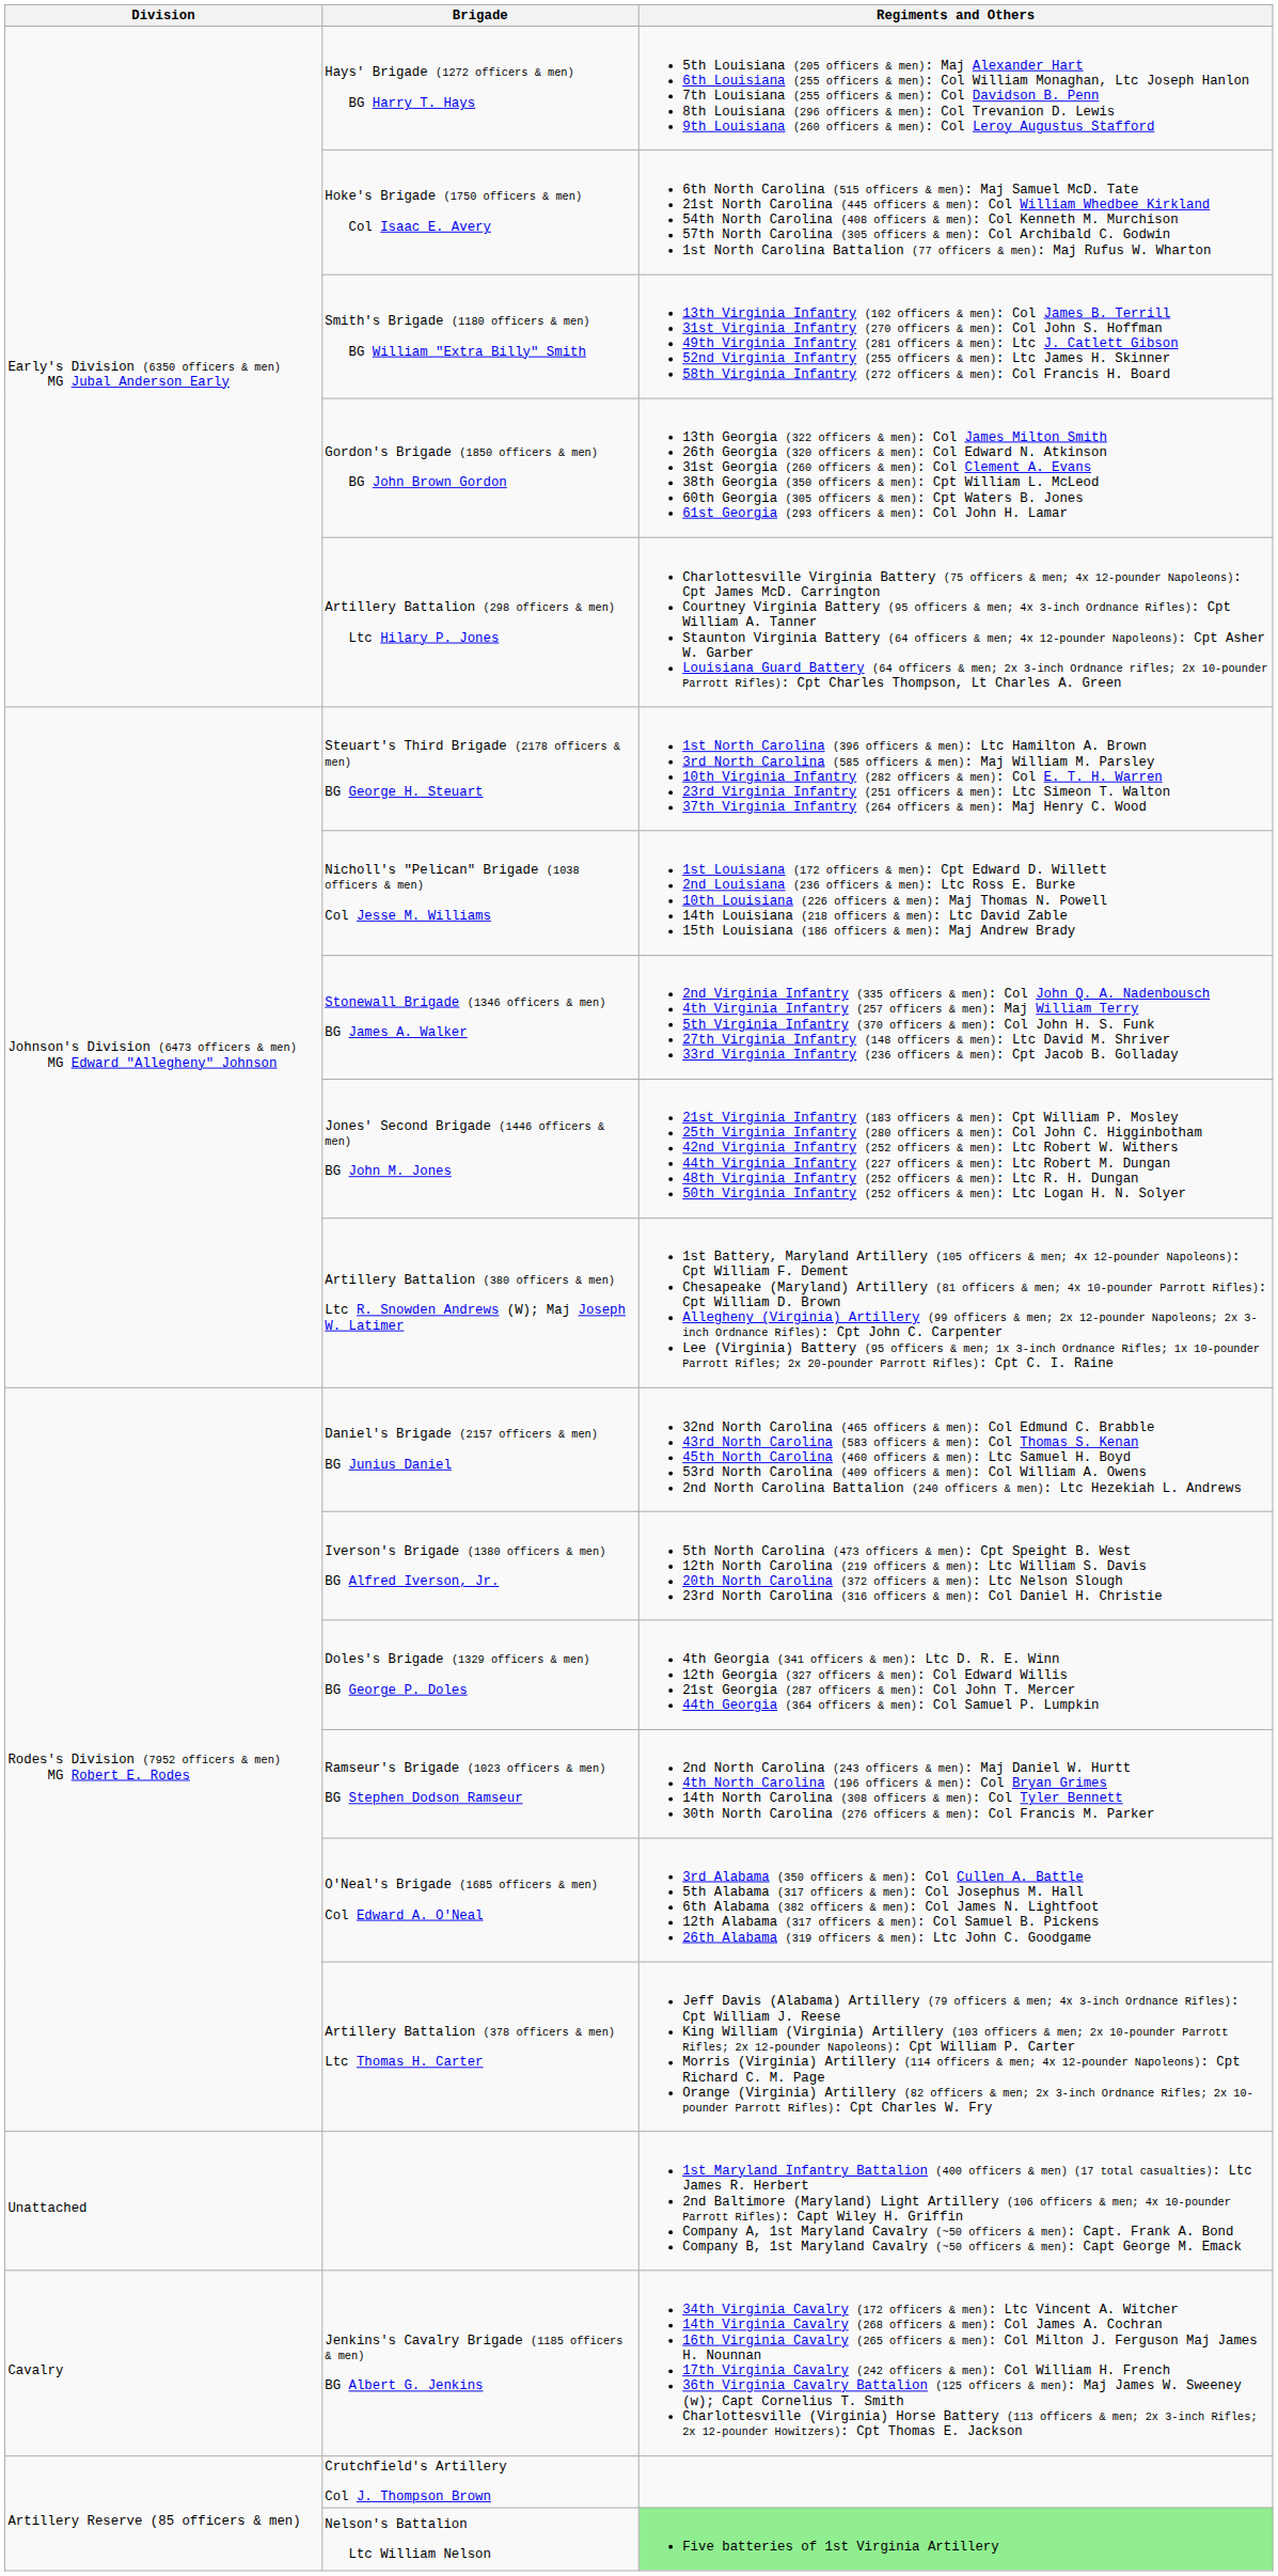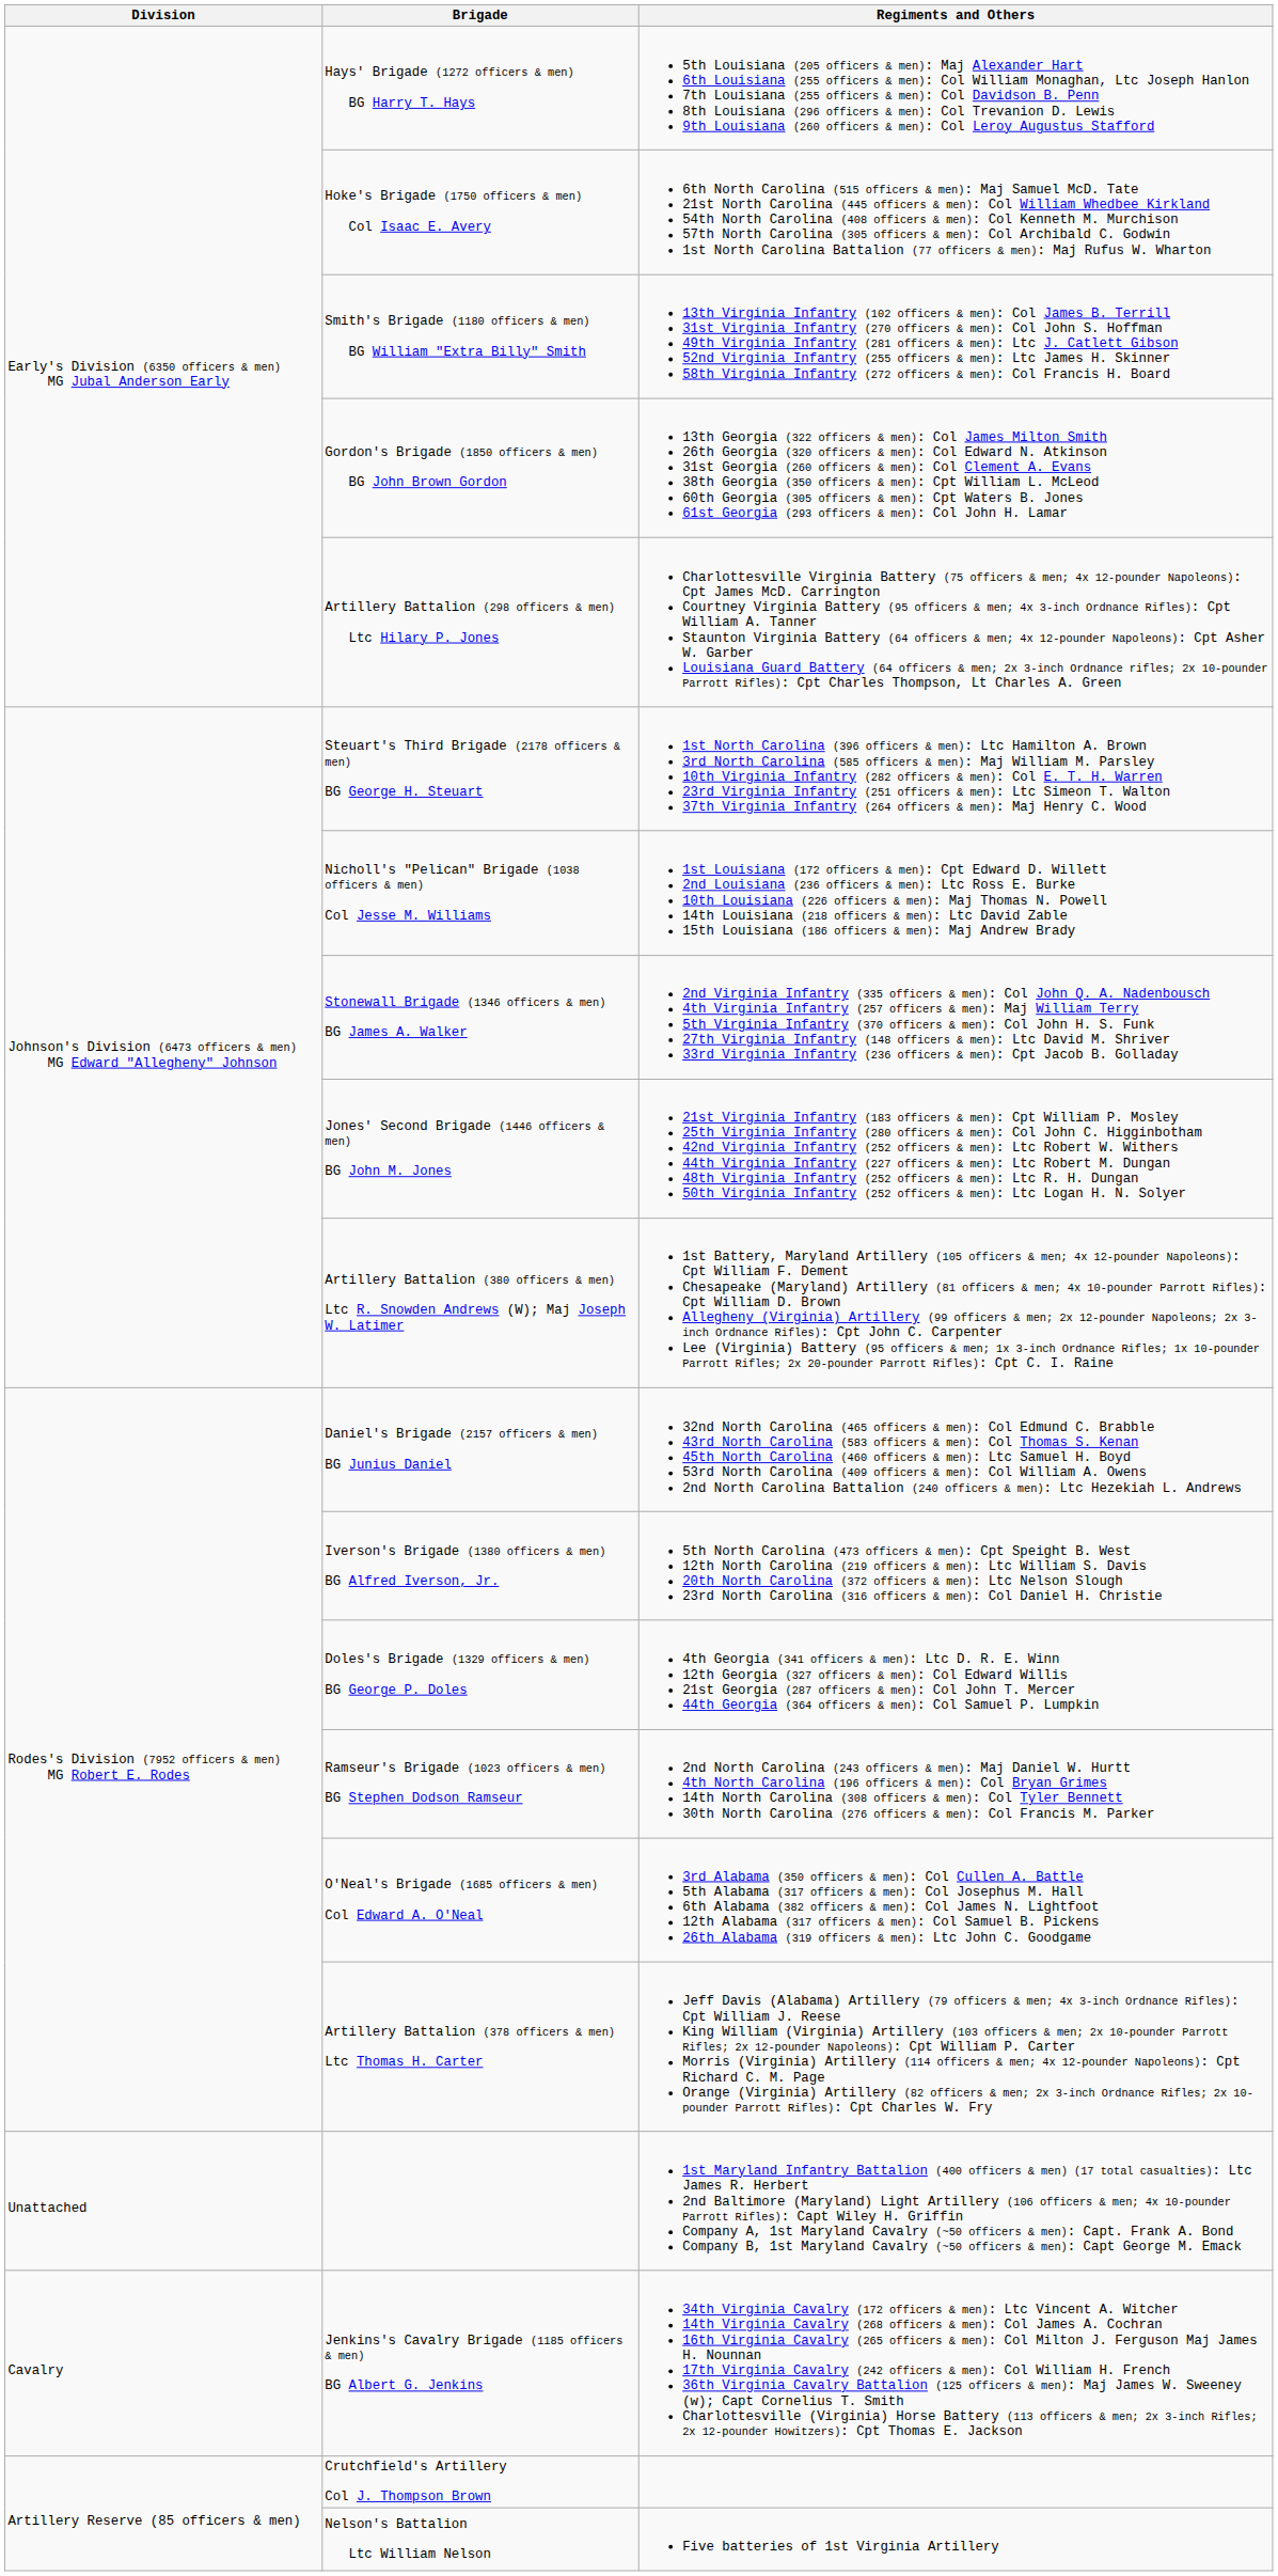 <table class="wikitable">
 <tr>
 <th width=25%>Division</th>
 <th width=25%>Brigade</th>
 <th>Regiments and Others</th>
 </tr>
 <tr>
 <td rowspan=5><br>Early's Division <small>(6350 officers & men)</small><br>     MG <a href='#'>Jubal Anderson Early</a></td>
 <td>Hays' Brigade <small>(1272 officers & men)</small><br><br>   BG <a href='#'>Harry T. Hays</a></td>
 <td><br><ul><li>5th Louisiana <small>(205 officers & men)</small>: Maj <a href='#'>Alexander Hart</a></li><li><a href='#'>6th Louisiana</a> <small>(255 officers & men)</small>: Col William Monaghan, Ltc Joseph Hanlon</li><li>7th Louisiana <small>(255 officers & men)</small>: Col <a href='#'>Davidson B. Penn</a></li><li>8th Louisiana <small>(296 officers & men)</small>: Col Trevanion D. Lewis</li><li><a href='#'>9th Louisiana</a> <small>(260 officers & men)</small>: Col <a href='#'>Leroy Augustus Stafford</a></li></ul></td>
 </tr>
 <tr>
 <td>Hoke's Brigade <small>(1750 officers & men)</small><br><br>   Col <a href='#'>Isaac E. Avery</a></td>
 <td><br><ul><li>6th North Carolina <small>(515 officers & men)</small>: Maj Samuel McD. Tate</li><li>21st North Carolina <small>(445 officers & men)</small>: Col <a href='#'>William Whedbee Kirkland</a></li><li>54th North Carolina <small>(408 officers & men)</small>: Col Kenneth M. Murchison</li><li>57th North Carolina <small>(305 officers & men)</small>: Col Archibald C. Godwin</li><li>1st North Carolina Battalion <small>(77 officers & men)</small>: Maj Rufus W. Wharton</li></ul></td>
 </tr>
 <tr>
 <td>Smith's Brigade <small>(1180 officers & men)</small><br><br>   BG <a href='#'>William "Extra Billy" Smith</a></td>
 <td><br><ul><li><a href='#'>13th Virginia Infantry</a> <small>(102 officers & men)</small>: Col <a href='#'>James B. Terrill</a></li><li><a href='#'>31st Virginia Infantry</a> <small>(270 officers & men)</small>: Col John S. Hoffman</li><li><a href='#'>49th Virginia Infantry</a> <small>(281 officers & men)</small>: Ltc <a href='#'>J. Catlett Gibson</a></li><li><a href='#'>52nd Virginia Infantry</a> <small>(255 officers & men)</small>: Ltc James H. Skinner</li><li><a href='#'>58th Virginia Infantry</a> <small>(272 officers & men)</small>: Col Francis H. Board</li></ul></td>
 </tr>
 <tr>
 <td>Gordon's Brigade <small>(1850 officers & men)</small><br><br>   BG <a href='#'>John Brown Gordon</a></td>
 <td><br><ul><li>13th Georgia <small>(322 officers & men)</small>: Col <a href='#'>James Milton Smith</a></li><li>26th Georgia <small>(320 officers & men)</small>: Col Edward N. Atkinson</li><li>31st Georgia <small>(260 officers & men)</small>: Col <a href='#'>Clement A. Evans</a></li><li>38th Georgia <small>(350 officers & men)</small>: Cpt William L. McLeod</li><li>60th Georgia <small>(305 officers & men)</small>: Cpt Waters B. Jones</li><li><a href='#'>61st Georgia</a> <small>(293 officers & men)</small>: Col John H. Lamar</li></ul></td>
 </tr>
 <tr>
 <td>Artillery Battalion <small>(298 officers & men)</small><br><br>   Ltc <a href='#'>Hilary P. Jones</a></td>
 <td><br><ul><li>Charlottesville Virginia Battery <small>(75 officers & men; 4x 12-pounder Napoleons)</small>: Cpt James McD. Carrington</li><li>Courtney Virginia Battery <small>(95 officers & men; 4x 3-inch Ordnance Rifles)</small>: Cpt William A. Tanner</li><li>Staunton Virginia Battery <small>(64 officers & men; 4x 12-pounder Napoleons)</small>: Cpt Asher W. Garber</li><li><a href='#'>Louisiana Guard Battery</a> <small>(64 officers & men; 2x 3-inch Ordnance rifles; 2x 10-pounder Parrott Rifles)</small>: Cpt Charles Thompson, Lt Charles A. Green</li></ul></td>
 </tr>
 <tr>
 <td rowspan=5><br>Johnson's Division <small>(6473 officers & men)</small><br>     MG <a href='#'>Edward "Allegheny" Johnson</a></td>
 <td>Steuart's Third Brigade <small>(2178 officers & men)</small><br>  <br>BG <a href='#'>George H. Steuart</a></td>
 <td><br><ul><li><a href='#'>1st North Carolina</a> <small>(396 officers & men)</small>: Ltc Hamilton A. Brown</li><li><a href='#'>3rd North Carolina</a> <small>(585 officers & men)</small>: Maj William M. Parsley</li><li><a href='#'>10th Virginia Infantry</a> <small>(282 officers & men)</small>: Col <a href='#'>E. T. H. Warren</a></li><li><a href='#'>23rd Virginia Infantry</a> <small>(251 officers & men)</small>: Ltc Simeon T. Walton</li><li><a href='#'>37th Virginia Infantry</a> <small>(264 officers & men)</small>: Maj Henry C. Wood</li></ul></td>
 </tr>
 <tr>
 <td>Nicholl's "Pelican" Brigade <small>(1038 officers & men)</small><br>  <br>Col <a href='#'>Jesse M. Williams</a></td>
 <td><br><ul><li><a href='#'>1st Louisiana</a> <small>(172 officers & men)</small>: Cpt Edward D. Willett</li><li><a href='#'>2nd Louisiana</a> <small>(236 officers & men)</small>: Ltc Ross E. Burke</li><li><a href='#'>10th Louisiana</a> <small>(226 officers & men)</small>: Maj Thomas N. Powell</li><li>14th Louisiana <small>(218 officers & men)</small>: Ltc David Zable</li><li>15th Louisiana <small>(186 officers & men)</small>: Maj Andrew Brady</li></ul></td>
 </tr>
 <tr>
 <td><a href='#'>Stonewall Brigade</a> <small>(1346 officers & men)</small><br>  <br>BG <a href='#'>James A. Walker</a></td>
 <td><br><ul><li><a href='#'>2nd Virginia Infantry</a> <small>(335 officers & men)</small>: Col <a href='#'>John Q. A. Nadenbousch</a></li><li><a href='#'>4th Virginia Infantry</a> <small>(257 officers & men)</small>: Maj <a href='#'>William Terry</a></li><li><a href='#'>5th Virginia Infantry</a> <small>(370 officers & men)</small>: Col John H. S. Funk</li><li><a href='#'>27th Virginia Infantry</a> <small>(148 officers & men)</small>: Ltc David M. Shriver</li><li><a href='#'>33rd Virginia Infantry</a> <small>(236 officers & men)</small>: Cpt Jacob B. Golladay</li></ul></td>
 </tr>
 <tr>
 <td>Jones' Second Brigade <small>(1446 officers & men)</small><br>  <br>BG <a href='#'>John M. Jones</a></td>
 <td><br><ul><li><a href='#'>21st Virginia Infantry</a> <small>(183 officers & men)</small>: Cpt William P. Mosley</li><li><a href='#'>25th Virginia Infantry</a> <small>(280 officers & men)</small>: Col John C. Higginbotham</li><li><a href='#'>42nd Virginia Infantry</a> <small>(252 officers & men)</small>: Ltc Robert W. Withers</li><li><a href='#'>44th Virginia Infantry</a> <small>(227 officers & men)</small>: Ltc Robert M. Dungan</li><li><a href='#'>48th Virginia Infantry</a> <small>(252 officers & men)</small>: Ltc R. H. Dungan</li><li><a href='#'>50th Virginia Infantry</a> <small>(252 officers & men)</small>: Ltc Logan H. N. Solyer</li></ul></td>
 </tr>
 <tr>
 <td>Artillery Battalion <small>(380 officers & men)</small><br>  <br>Ltc <a href='#'>R. Snowden Andrews</a> (W); Maj <a href='#'>Joseph W. Latimer</a></td>
 <td><br><ul><li>1st Battery, Maryland Artillery <small>(105 officers & men; 4x 12-pounder Napoleons)</small>: Cpt William F. Dement</li><li>Chesapeake (Maryland) Artillery <small>(81 officers & men; 4x 10-pounder Parrott Rifles)</small>: Cpt William D. Brown</li><li><a href='#'>Allegheny (Virginia) Artillery</a> <small>(99 officers & men; 2x 12-pounder Napoleons; 2x 3-inch Ordnance Rifles)</small>: Cpt John C. Carpenter</li><li>Lee (Virginia) Battery <small>(95 officers & men; 1x 3-inch Ordnance Rifles; 1x 10-pounder Parrott Rifles; 2x 20-pounder Parrott Rifles)</small>: Cpt C. I. Raine</li></ul></td>
 </tr>
 <tr>
 <td rowspan=6><br>Rodes's Division <small>(7952 officers & men)</small><br>     MG <a href='#'>Robert E. Rodes</a></td>
 <td>Daniel's Brigade <small>(2157 officers & men)</small><br>  <br>BG <a href='#'>Junius Daniel</a></td>
 <td><br><ul><li>32nd North Carolina <small>(465 officers & men)</small>: Col Edmund C. Brabble</li><li><a href='#'>43rd North Carolina</a> <small>(583 officers & men)</small>: Col <a href='#'>Thomas S. Kenan</a></li><li><a href='#'>45th North Carolina</a> <small>(460 officers & men)</small>: Ltc Samuel H. Boyd</li><li>53rd North Carolina <small>(409 officers & men)</small>: Col William A. Owens</li><li>2nd North Carolina Battalion <small>(240 officers & men)</small>: Ltc Hezekiah L. Andrews</li></ul></td>
 </tr>
 <tr>
 <td>Iverson's Brigade <small>(1380 officers & men)</small><br>  <br>BG <a href='#'>Alfred Iverson, Jr.</a></td>
 <td><br><ul><li>5th North Carolina <small>(473 officers & men)</small>: Cpt Speight B. West</li><li>12th North Carolina <small>(219 officers & men)</small>: Ltc William S. Davis</li><li><a href='#'>20th North Carolina</a> <small>(372 officers & men)</small>: Ltc Nelson Slough</li><li>23rd North Carolina <small>(316 officers & men)</small>: Col Daniel H. Christie</li></ul></td>
 </tr>
 <tr>
 <td>Doles's Brigade <small>(1329 officers & men)</small><br>  <br>BG <a href='#'>George P. Doles</a></td>
 <td><br><ul><li>4th Georgia <small>(341 officers & men)</small>: Ltc D. R. E. Winn</li><li>12th Georgia <small>(327 officers & men)</small>: Col Edward Willis</li><li>21st Georgia <small>(287 officers & men)</small>: Col John T. Mercer</li><li><a href='#'>44th Georgia</a> <small>(364 officers & men)</small>: Col Samuel P. Lumpkin</li></ul></td>
 </tr>
 <tr>
 <td>Ramseur's Brigade <small>(1023 officers & men)</small><br>  <br>BG <a href='#'>Stephen Dodson Ramseur</a></td>
 <td><br><ul><li>2nd North Carolina <small>(243 officers & men)</small>: Maj Daniel W. Hurtt</li><li><a href='#'>4th North Carolina</a> <small>(196 officers & men)</small>: Col <a href='#'>Bryan Grimes</a></li><li>14th North Carolina <small>(308 officers & men)</small>: Col <a href='#'>Tyler Bennett</a></li><li>30th North Carolina <small>(276 officers & men)</small>: Col Francis M. Parker</li></ul></td>
 </tr>
 <tr>
 <td>O'Neal's Brigade <small>(1685 officers & men)</small><br>  <br>Col <a href='#'>Edward A. O'Neal</a></td>
 <td><br><ul><li><a href='#'>3rd Alabama</a> <small>(350 officers & men)</small>: Col <a href='#'>Cullen A. Battle</a></li><li>5th Alabama <small>(317 officers & men)</small>: Col Josephus M. Hall</li><li>6th Alabama <small>(382 officers & men)</small>: Col James N. Lightfoot</li><li>12th Alabama <small>(317 officers & men)</small>: Col Samuel B. Pickens</li><li><a href='#'>26th Alabama</a> <small>(319 officers & men)</small>: Ltc John C. Goodgame</li></ul></td>
 </tr>
 <tr>
 <td>Artillery Battalion <small>(378 officers & men)</small><br>  <br>Ltc <a href='#'>Thomas H. Carter</a></td>
 <td><br><ul><li>Jeff Davis (Alabama) Artillery <small>(79 officers & men; 4x 3-inch Ordnance Rifles)</small>: Cpt William J. Reese</li><li>King William (Virginia) Artillery <small>(103 officers & men; 2x 10-pounder Parrott Rifles; 2x 12-pounder Napoleons)</small>: Cpt William P. Carter</li><li>Morris (Virginia) Artillery <small>(114 officers & men; 4x 12-pounder Napoleons)</small>: Cpt Richard C. M. Page</li><li>Orange (Virginia) Artillery <small>(82 officers & men; 2x 3-inch Ordnance Rifles; 2x 10-pounder Parrott Rifles)</small>: Cpt Charles W. Fry</li></ul></td>
 </tr>
 <tr>
 <td rowspan=1><br>Unattached</td>
 <td></td>
 <td><br><ul><li><a href='#'>1st Maryland Infantry Battalion</a> <small>(400 officers & men) (17 total casualties)</small>: Ltc James R. Herbert</li><li>2nd Baltimore (Maryland) Light Artillery <small>(106 officers & men; 4x 10-pounder Parrott Rifles)</small>: Capt Wiley H. Griffin</li><li>Company A, 1st Maryland Cavalry <small>(~50 officers & men)</small>: Capt. Frank A. Bond</li><li>Company B, 1st Maryland Cavalry <small>(~50 officers & men)</small>: Capt George M. Emack</li></ul></td>
 </tr>
 <tr>
 <td rowspan=1><br>Cavalry</td>
 <td>Jenkins's Cavalry Brigade <small>(1185 officers & men)</small><br>  <br>BG <a href='#'>Albert G. Jenkins</a></td>
 <td><br><ul><li><a href='#'>34th Virginia Cavalry</a> <small>(172 officers & men)</small>: Ltc Vincent A. Witcher</li><li><a href='#'>14th Virginia Cavalry</a> <small>(268 officers & men)</small>: Col James A. Cochran</li><li><a href='#'>16th Virginia Cavalry</a> <small>(265 officers & men)</small>: Col Milton J. Ferguson Maj James H. Nounnan</li><li><a href='#'>17th Virginia Cavalry</a> <small>(242 officers & men)</small>: Col William H. French</li><li><a href='#'>36th Virginia Cavalry Battalion</a> <small>(125 officers & men)</small>: Maj James W. Sweeney (w); Capt Cornelius T. Smith</li><li>Charlottesville (Virginia) Horse Battery <small>(113 officers & men; 2x 3-inch Rifles; 2x 12-pounder Howitzers)</small>: Cpt Thomas E. Jackson</li></ul></td>
 </tr>
 <tr>
 <td rowspan=2><br>Artillery Reserve (85 officers & men)</td>
 <td>Crutchfield's Artillery<br>  <br>Col <a href='#'>J. Thompson Brown</a></td>
 <td></td>
 </tr>
 <tr>
 <td>Nelson's Battalion<br><br>   Ltc William Nelson</td>
-<td style="background: lightgreen;"><br><ul><li>Five batteries of 1st Virginia Artillery</li></ul></td>
+<td><br><ul><li>Five batteries of 1st Virginia Artillery</li></ul></td>
 </tr>
 </table>
